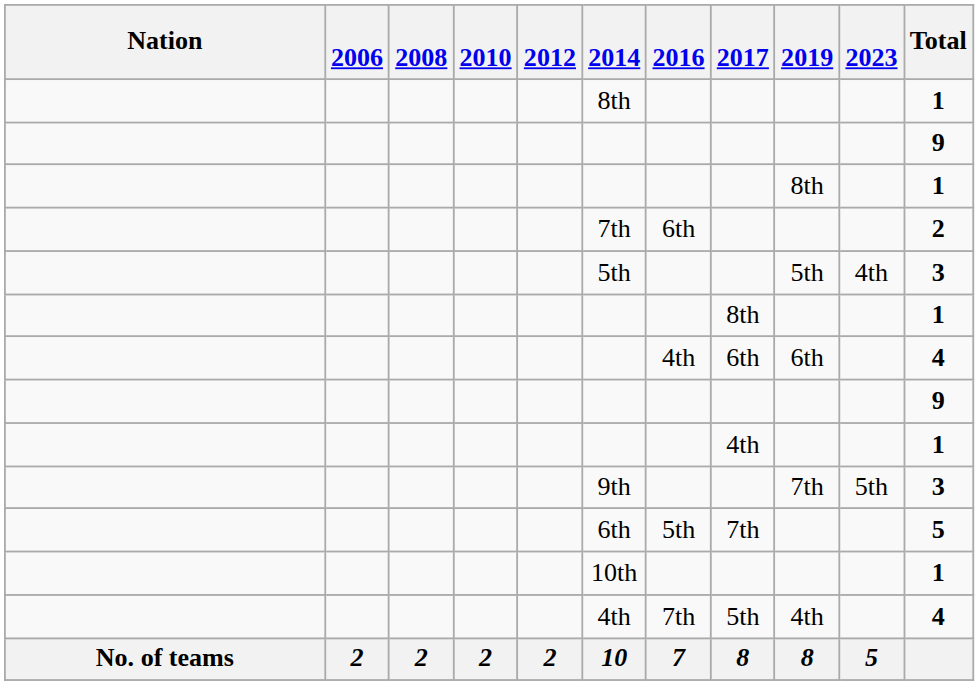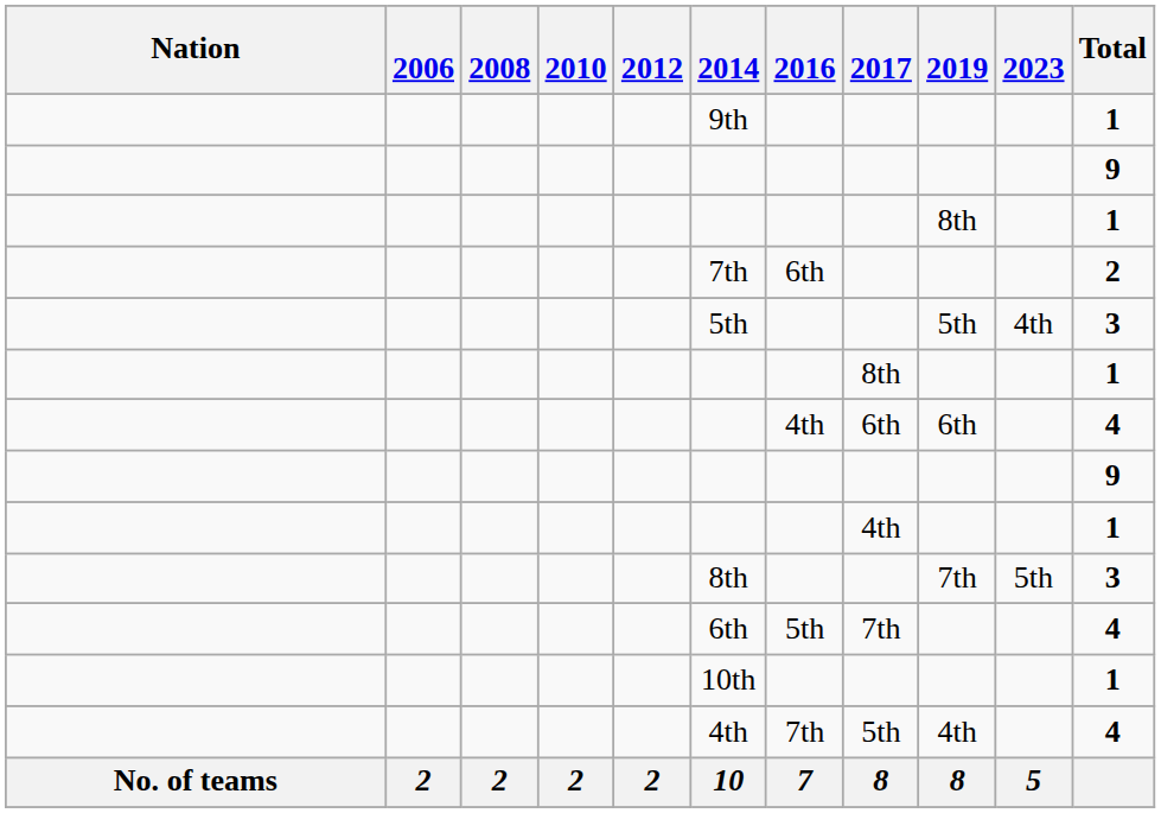 <table class="wikitable" style="text-align:center; font-size:90%">
 <tr>
 <th width=170>Nation</th>
 <th><br><a href='#'>2006</a></th>
 <th><br><a href='#'>2008</a></th>
 <th><br><a href='#'>2010</a></th>
 <th><br><a href='#'>2012</a></th>
 <th><br><a href='#'>2014</a></th>
 <th><br><a href='#'>2016</a></th>
 <th><br><a href='#'>2017</a></th>
 <th><br><a href='#'>2019</a></th>
 <th><br><a href='#'>2023</a></th>
 <th>Total</th>
 </tr>
 <tr>
 <td align=left></td>
 <td></td>
 <td></td>
 <td></td>
 <td></td>
-<td>8th</td>
+<td>9th</td>
 <td></td>
 <td></td>
 <td></td>
 <td></td>
 <td><strong>1</strong></td>
 </tr>
 <tr>
 <td align=left></td>
 <td></td>
 <td></td>
 <td></td>
 <td></td>
 <td></td>
 <td></td>
 <td></td>
 <td></td>
 <td></td>
 <td><strong>9</strong></td>
 </tr>
 <tr>
 <td align=left></td>
 <td></td>
 <td></td>
 <td></td>
 <td></td>
 <td></td>
 <td></td>
 <td></td>
 <td>8th</td>
 <td></td>
 <td><strong>1</strong></td>
 </tr>
 <tr>
 <td align=left></td>
 <td></td>
 <td></td>
 <td></td>
 <td></td>
 <td>7th</td>
 <td>6th</td>
 <td></td>
 <td></td>
 <td></td>
 <td><strong>2</strong></td>
 </tr>
 <tr>
 <td align=left></td>
 <td></td>
 <td></td>
 <td></td>
 <td></td>
 <td>5th</td>
 <td></td>
 <td></td>
 <td>5th</td>
 <td>4th</td>
 <td><strong>3</strong></td>
 </tr>
 <tr>
 <td align=left></td>
 <td></td>
 <td></td>
 <td></td>
 <td></td>
 <td></td>
 <td></td>
 <td>8th</td>
 <td></td>
 <td></td>
 <td><strong>1</strong></td>
 </tr>
 <tr>
 <td align=left></td>
 <td></td>
 <td></td>
 <td></td>
 <td></td>
 <td></td>
 <td>4th</td>
 <td>6th</td>
 <td>6th</td>
 <td></td>
 <td><strong>4</strong></td>
 </tr>
 <tr>
 <td align=left></td>
 <td></td>
 <td></td>
 <td></td>
 <td></td>
 <td></td>
 <td></td>
 <td></td>
 <td></td>
 <td></td>
 <td><strong>9</strong></td>
 </tr>
 <tr>
 <td align=left></td>
 <td></td>
 <td></td>
 <td></td>
 <td></td>
 <td></td>
 <td></td>
 <td>4th</td>
 <td></td>
 <td></td>
 <td><strong>1</strong></td>
 </tr>
 <tr>
 <td align=left></td>
 <td></td>
 <td></td>
 <td></td>
 <td></td>
-<td>9th</td>
+<td>8th</td>
 <td></td>
 <td></td>
 <td>7th</td>
 <td>5th</td>
 <td><strong>3</strong></td>
 </tr>
 <tr>
 <td align=left></td>
 <td></td>
 <td></td>
 <td></td>
 <td></td>
 <td>6th</td>
 <td>5th</td>
 <td>7th</td>
 <td></td>
 <td></td>
-<td><strong>5</strong></td>
+<td><strong>4</strong></td>
 </tr>
 <tr>
 <td align=left></td>
 <td></td>
 <td></td>
 <td></td>
 <td></td>
 <td>10th</td>
 <td></td>
 <td></td>
 <td></td>
 <td></td>
 <td><strong>1</strong></td>
 </tr>
 <tr>
 <td align=left></td>
 <td></td>
 <td></td>
 <td></td>
 <td></td>
 <td>4th</td>
 <td>7th</td>
 <td>5th</td>
 <td>4th</td>
 <td></td>
 <td><strong>4</strong></td>
 </tr>
 <tr>
 <th>No. of teams</th>
 <th><em>2</em></th>
 <th><em>2</em></th>
 <th><em>2</em></th>
 <th><em>2</em></th>
 <th><em>10</em></th>
 <th><em>7</em></th>
 <th><em>8</em></th>
 <th><em>8</em></th>
 <th><em>5</em></th>
 <th></th>
 </tr>
 </table>
